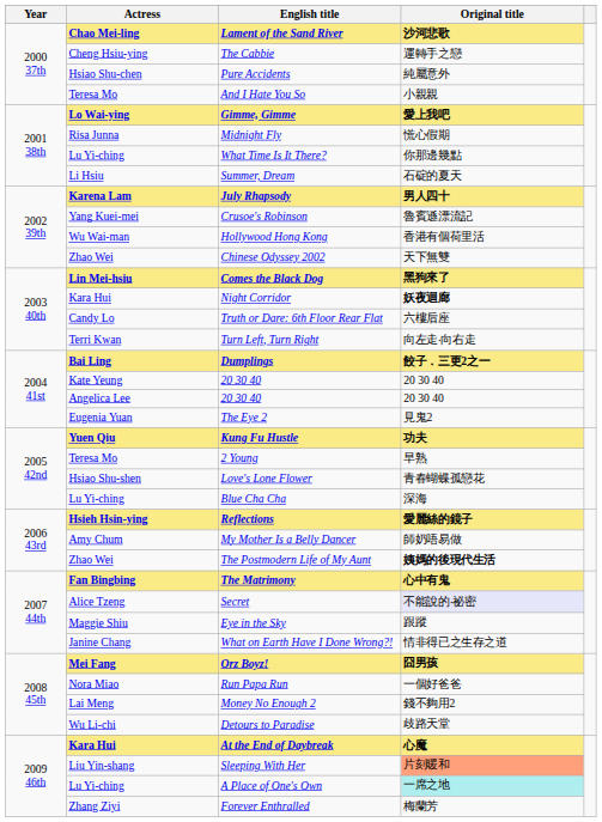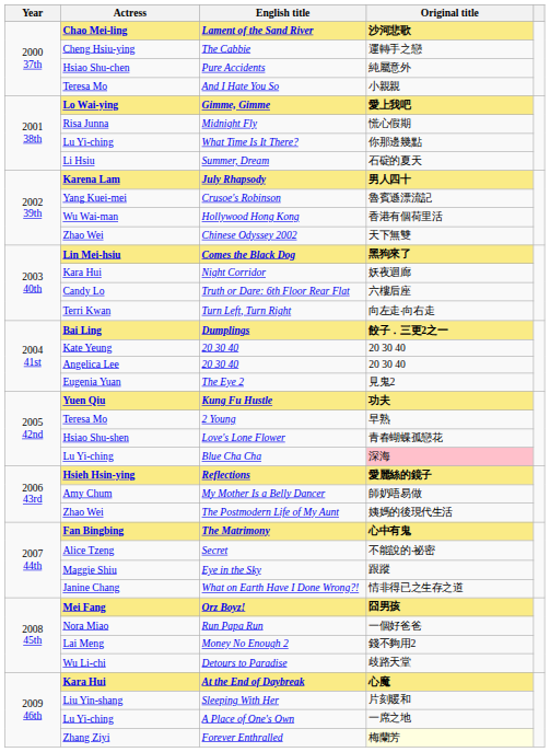 <table class="wikitable">
 <tr style="background:#bebebe;">
 <th style="width:10%;">Year</th>
 <th style="width:25%;">Actress</th>
 <th style="width:30%;">English title</th>
 <th style="width:30%;">Original title</th>
 <th style="width:2%;"></th>
 </tr>
 <tr>
 <td rowspan="4" style="text-align:center">2000<br><a href='#'>37th</a></td>
 <td style="background:#FAEB86"><strong><a href='#'>Chao Mei-ling</a></strong></td>
 <td style="background:#FAEB86"><strong><em><a href='#'>Lament of the Sand River</a></em></strong></td>
 <td style="background:#FAEB86"><strong>沙河悲歌</strong></td>
 <td rowspan=4></td>
 </tr>
 <tr>
 <td><a href='#'>Cheng Hsiu-ying</a></td>
 <td><em><a href='#'>The Cabbie</a></em></td>
 <td>運轉手之戀</td>
 </tr>
 <tr>
 <td><a href='#'>Hsiao Shu-chen</a></td>
 <td><em><a href='#'>Pure Accidents</a></em></td>
 <td>純屬意外</td>
 </tr>
 <tr>
 <td><a href='#'>Teresa Mo</a></td>
 <td><em><a href='#'>And I Hate You So</a></em></td>
 <td>小親親</td>
 </tr>
 <tr>
 <td rowspan="4" style="text-align:center">2001<br><a href='#'>38th</a></td>
 <td style="background:#FAEB86"><strong><a href='#'>Lo Wai-ying</a></strong></td>
 <td style="background:#FAEB86"><strong><em><a href='#'>Gimme, Gimme</a></em></strong></td>
 <td style="background:#FAEB86"><strong>愛上我吧</strong></td>
 <td rowspan=4></td>
 </tr>
 <tr>
 <td><a href='#'>Risa Junna</a></td>
 <td><em><a href='#'>Midnight Fly</a></em></td>
 <td>慌心假期</td>
 </tr>
 <tr>
 <td><a href='#'>Lu Yi-ching</a></td>
 <td><em><a href='#'>What Time Is It There?</a></em></td>
 <td>你那邊幾點</td>
 </tr>
 <tr>
 <td><a href='#'>Li Hsiu</a></td>
 <td><em><a href='#'>Summer, Dream</a></em></td>
 <td>石碇的夏天</td>
 </tr>
 <tr>
 <td rowspan="4" style="text-align:center">2002<br><a href='#'>39th</a></td>
 <td style="background:#FAEB86"><strong><a href='#'>Karena Lam</a></strong></td>
 <td style="background:#FAEB86"><strong><em><a href='#'>July Rhapsody</a></em></strong></td>
 <td style="background:#FAEB86"><strong>男人四十</strong></td>
 <td rowspan=4></td>
 </tr>
 <tr>
 <td><a href='#'>Yang Kuei-mei</a></td>
 <td><em><a href='#'>Crusoe's Robinson</a></em></td>
 <td>魯賓遜漂流記</td>
 </tr>
 <tr>
 <td><a href='#'>Wu Wai-man</a></td>
 <td><em><a href='#'>Hollywood Hong Kong</a></em></td>
 <td>香港有個荷里活</td>
 </tr>
 <tr>
 <td><a href='#'>Zhao Wei</a></td>
 <td><em><a href='#'>Chinese Odyssey 2002</a></em></td>
 <td>天下無雙</td>
 </tr>
 <tr>
 <td rowspan="4" style="text-align:center">2003<br><a href='#'>40th</a></td>
 <td style="background:#FAEB86"><strong><a href='#'>Lin Mei-hsiu</a></strong></td>
 <td style="background:#FAEB86"><strong><em><a href='#'>Comes the Black Dog</a></em></strong></td>
 <td style="background:#FAEB86"><strong>黑狗來了</strong></td>
 <td rowspan=4></td>
 </tr>
 <tr>
 <td><a href='#'>Kara Hui</a></td>
 <td><em><a href='#'>Night Corridor</a></em></td>
-<td><strong>妖夜迴廊</strong></td>
+<td>妖夜迴廊</td>
 </tr>
 <tr>
 <td><a href='#'>Candy Lo</a></td>
 <td><em><a href='#'>Truth or Dare: 6th Floor Rear Flat</a></em></td>
 <td>六樓后座</td>
 </tr>
 <tr>
 <td><a href='#'>Terri Kwan</a></td>
 <td><em><a href='#'>Turn Left, Turn Right</a></em></td>
 <td>向左走‧向右走</td>
 </tr>
 <tr>
 <td rowspan="4" style="text-align:center">2004<br><a href='#'>41st</a></td>
 <td style="background:#FAEB86"><strong><a href='#'>Bai Ling</a></strong></td>
 <td style="background:#FAEB86"><strong><em><a href='#'>Dumplings</a></em></strong></td>
 <td style="background:#FAEB86"><strong>餃子．三更2之一</strong></td>
 <td rowspan=4></td>
 </tr>
 <tr>
 <td><a href='#'>Kate Yeung</a></td>
 <td><em><a href='#'>20 30 40</a></em></td>
 <td>20 30 40</td>
 </tr>
 <tr>
 <td><a href='#'>Angelica Lee</a></td>
 <td><em><a href='#'>20 30 40</a></em></td>
 <td>20 30 40</td>
 </tr>
 <tr>
 <td><a href='#'>Eugenia Yuan</a></td>
 <td><em><a href='#'>The Eye 2</a></em></td>
 <td>見鬼2</td>
 </tr>
 <tr>
 <td rowspan="4" style="text-align:center">2005<br><a href='#'>42nd</a></td>
 <td style="background:#FAEB86"><strong><a href='#'>Yuen Qiu</a></strong></td>
 <td style="background:#FAEB86"><strong><em><a href='#'>Kung Fu Hustle</a></em></strong></td>
 <td style="background:#FAEB86"><strong>功夫</strong></td>
 <td rowspan=4></td>
 </tr>
 <tr>
 <td><a href='#'>Teresa Mo</a></td>
 <td><em><a href='#'>2 Young</a></em></td>
 <td>早熟</td>
 </tr>
 <tr>
 <td><a href='#'>Hsiao Shu-shen</a></td>
 <td><em><a href='#'>Love's Lone Flower</a></em></td>
 <td>青春蝴蝶孤戀花</td>
 </tr>
 <tr>
 <td><a href='#'>Lu Yi-ching</a></td>
 <td><em><a href='#'>Blue Cha Cha</a></em></td>
-<td>深海</td>
+<td style="background: pink;">深海</td>
 </tr>
 <tr>
 <td rowspan="3" style="text-align:center">2006<br><a href='#'>43rd</a></td>
 <td style="background:#FAEB86"><strong><a href='#'>Hsieh Hsin-ying</a></strong></td>
 <td style="background:#FAEB86"><strong><em><a href='#'>Reflections</a></em></strong></td>
 <td style="background:#FAEB86"><strong>愛麗絲的鏡子</strong></td>
 <td rowspan=3></td>
 </tr>
 <tr>
 <td><a href='#'>Amy Chum</a></td>
 <td><em><a href='#'>My Mother Is a Belly Dancer</a></em></td>
 <td>師奶唔易做</td>
 </tr>
 <tr>
 <td><a href='#'>Zhao Wei</a></td>
 <td><em><a href='#'>The Postmodern Life of My Aunt</a></em></td>
-<td><strong>姨媽的後現代生活</strong></td>
+<td>姨媽的後現代生活</td>
 </tr>
 <tr>
 <td rowspan="4" style="text-align:center">2007<br><a href='#'>44th</a></td>
 <td style="background:#FAEB86"><strong><a href='#'>Fan Bingbing</a></strong></td>
 <td style="background:#FAEB86"><strong><em><a href='#'>The Matrimony</a></em></strong></td>
 <td style="background:#FAEB86"><strong>心中有鬼</strong></td>
 <td rowspan=4></td>
 </tr>
 <tr>
 <td><a href='#'>Alice Tzeng</a></td>
 <td><em><a href='#'>Secret</a></em></td>
-<td style="background: lavender;">不能說的‧祕密</td>
+<td>不能說的‧祕密</td>
 </tr>
 <tr>
 <td><a href='#'>Maggie Shiu</a></td>
 <td><em><a href='#'>Eye in the Sky</a></em></td>
 <td>跟蹤</td>
 </tr>
 <tr>
 <td><a href='#'>Janine Chang</a></td>
 <td><em><a href='#'>What on Earth Have I Done Wrong?!</a></em></td>
 <td>情非得已之生存之道</td>
 </tr>
 <tr>
 <td rowspan="4" style="text-align:center">2008<br><a href='#'>45th</a></td>
 <td style="background:#FAEB86"><strong><a href='#'>Mei Fang</a></strong></td>
 <td style="background:#FAEB86"><strong><em><a href='#'>Orz Boyz!</a></em></strong></td>
 <td style="background:#FAEB86"><strong>囧男孩</strong></td>
 <td rowspan=4></td>
 </tr>
 <tr>
 <td><a href='#'>Nora Miao</a></td>
 <td><em><a href='#'>Run Papa Run</a></em></td>
 <td>一個好爸爸</td>
 </tr>
 <tr>
 <td><a href='#'>Lai Meng</a></td>
 <td><em><a href='#'>Money No Enough 2</a></em></td>
 <td>錢不夠用2</td>
 </tr>
 <tr>
 <td><a href='#'>Wu Li-chi</a></td>
 <td><em><a href='#'>Detours to Paradise</a></em></td>
 <td>歧路天堂</td>
 </tr>
 <tr>
 <td rowspan="4" style="text-align:center">2009<br><a href='#'>46th</a></td>
 <td style="background:#FAEB86"><strong><a href='#'>Kara Hui</a></strong></td>
 <td style="background:#FAEB86"><strong><em><a href='#'>At the End of Daybreak</a></em></strong></td>
 <td style="background:#FAEB86"><strong>心魔</strong></td>
 <td rowspan=4></td>
 </tr>
 <tr>
 <td><a href='#'>Liu Yin-shang</a></td>
 <td><em><a href='#'>Sleeping With Her</a></em></td>
-<td style="background: lightsalmon;">片刻暖和</td>
+<td>片刻暖和</td>
 </tr>
 <tr>
 <td><a href='#'>Lu Yi-ching</a></td>
 <td><em><a href='#'>A Place of One's Own</a></em></td>
-<td style="background: paleturquoise;">一席之地</td>
+<td>一席之地</td>
 </tr>
 <tr>
 <td><a href='#'>Zhang Ziyi</a></td>
 <td><em><a href='#'>Forever Enthralled</a></em></td>
-<td>梅蘭芳</td>
+<td style="background: lightyellow;">梅蘭芳</td>
 </tr>
 </table>
